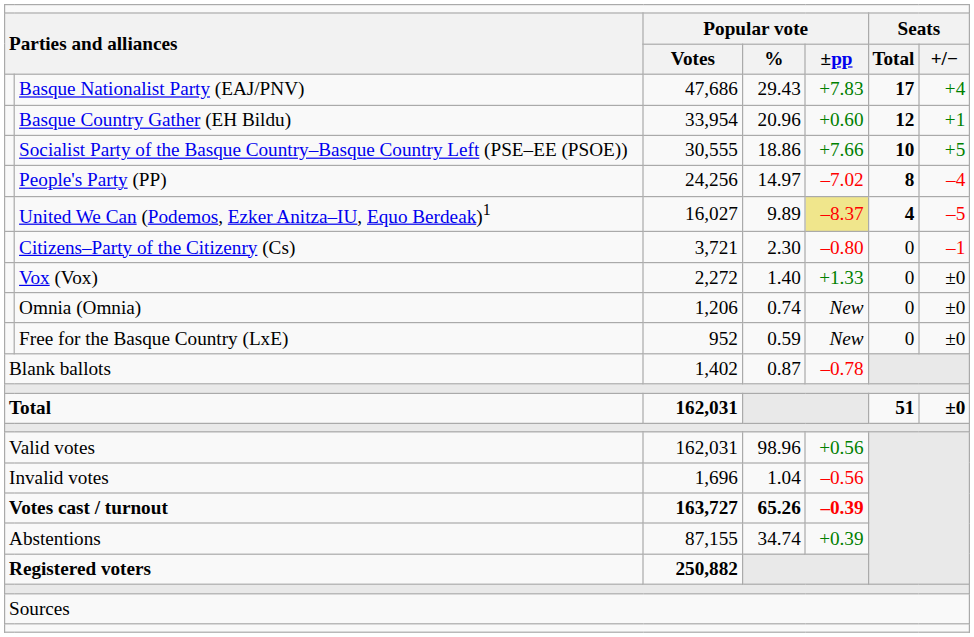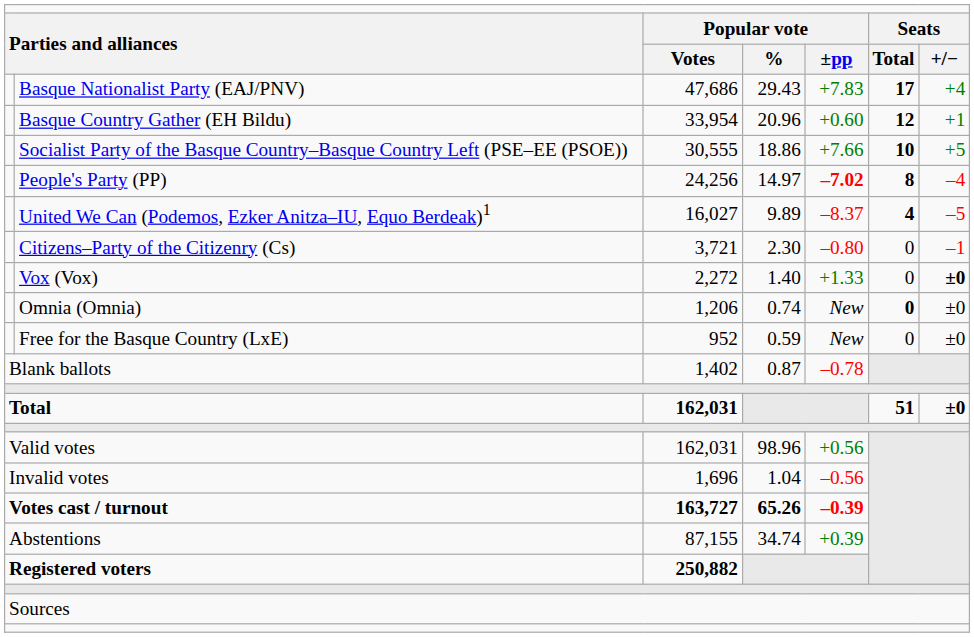 <table class="wikitable" style="text-align:right;">
 <tr>
 <td colspan="7"></td>
 </tr>
 <tr>
 <th style="text-align:left;" rowspan="2" colspan="2" width="525">Parties and alliances</th>
 <th colspan="3">Popular vote</th>
 <th colspan="2">Seats</th>
 </tr>
 <tr>
 <th width="75">Votes</th>
 <th width="45">%</th>
 <th width="45">±<a href='#'>pp</a></th>
 <th width="35">Total</th>
 <th width="35">+/−</th>
 </tr>
 <tr>
 <td width="1" style="color:inherit;background:"></td>
 <td align="left"><a href='#'>Basque Nationalist Party</a> (EAJ/PNV)</td>
 <td>47,686</td>
 <td>29.43</td>
 <td style="color:green;">+7.83</td>
 <td><strong>17</strong></td>
 <td style="color:green;">+4</td>
 </tr>
 <tr>
 <td style="color:inherit;background:"></td>
 <td align="left"><a href='#'>Basque Country Gather</a> (EH Bildu)</td>
 <td>33,954</td>
 <td>20.96</td>
 <td style="color:green;">+0.60</td>
 <td><strong>12</strong></td>
 <td style="color:green;">+1</td>
 </tr>
 <tr>
 <td style="color:inherit;background:"></td>
 <td align="left"><a href='#'>Socialist Party of the Basque Country–Basque Country Left</a> (PSE–EE (PSOE))</td>
 <td>30,555</td>
 <td>18.86</td>
 <td style="color:green;">+7.66</td>
 <td><strong>10</strong></td>
 <td style="color:green;">+5</td>
 </tr>
 <tr>
 <td style="color:inherit;background:"></td>
 <td align="left"><a href='#'>People's Party</a> (PP)</td>
 <td>24,256</td>
 <td>14.97</td>
-<td style="color:red;">–7.02</td>
+<td style="color:red;"><strong>–7.02</strong></td>
 <td><strong>8</strong></td>
 <td style="color:red;">–4</td>
 </tr>
 <tr>
 <td style="color:inherit;background:"></td>
 <td align="left"><a href='#'>United We Can</a> (<a href='#'>Podemos</a>, <a href='#'>Ezker Anitza–IU</a>, <a href='#'>Equo Berdeak</a>)<sup>1</sup></td>
 <td>16,027</td>
 <td>9.89</td>
-<td style="background: khaki; color:red;">–8.37</td>
+<td style="color:red;">–8.37</td>
 <td><strong>4</strong></td>
 <td style="color:red;">–5</td>
 </tr>
 <tr>
 <td style="color:inherit;background:"></td>
 <td align="left"><a href='#'>Citizens–Party of the Citizenry</a> (Cs)</td>
 <td>3,721</td>
 <td>2.30</td>
 <td style="color:red;">–0.80</td>
 <td>0</td>
 <td style="color:red;">–1</td>
 </tr>
 <tr>
 <td style="color:inherit;background:"></td>
 <td align="left"><a href='#'>Vox</a> (Vox)</td>
 <td>2,272</td>
 <td>1.40</td>
 <td style="color:green;">+1.33</td>
 <td>0</td>
-<td>±0</td>
+<td><strong>±0</strong></td>
 </tr>
 <tr>
 <td style="color:inherit;background:"></td>
 <td align="left">Omnia (Omnia)</td>
 <td>1,206</td>
 <td>0.74</td>
 <td><em>New</em></td>
-<td>0</td>
+<td><strong>0</strong></td>
 <td>±0</td>
 </tr>
 <tr>
 <td style="color:inherit;background:"></td>
 <td align="left">Free for the Basque Country (LxE)</td>
 <td>952</td>
 <td>0.59</td>
 <td><em>New</em></td>
 <td>0</td>
 <td>±0</td>
 </tr>
 <tr>
 <td align="left" colspan="2">Blank ballots</td>
 <td>1,402</td>
 <td>0.87</td>
 <td style="color:red;">–0.78</td>
 <td bgcolor="#E9E9E9" colspan="2"></td>
 </tr>
 <tr>
 <td colspan="7" bgcolor="#E9E9E9"></td>
 </tr>
 <tr style="font-weight:bold;">
 <td align="left" colspan="2">Total</td>
 <td>162,031</td>
 <td bgcolor="#E9E9E9" colspan="2"></td>
 <td>51</td>
 <td>±0</td>
 </tr>
 <tr>
 <td colspan="7" bgcolor="#E9E9E9"></td>
 </tr>
 <tr>
 <td align="left" colspan="2">Valid votes</td>
 <td>162,031</td>
 <td>98.96</td>
 <td style="color:green;">+0.56</td>
 <td bgcolor="#E9E9E9" colspan="2" rowspan="5"></td>
 </tr>
 <tr>
 <td align="left" colspan="2">Invalid votes</td>
 <td>1,696</td>
 <td>1.04</td>
 <td style="color:red;">–0.56</td>
 </tr>
 <tr style="font-weight:bold;">
 <td align="left" colspan="2">Votes cast / turnout</td>
 <td>163,727</td>
 <td>65.26</td>
 <td style="color:red;">–0.39</td>
 </tr>
 <tr>
 <td align="left" colspan="2">Abstentions</td>
 <td>87,155</td>
 <td>34.74</td>
 <td style="color:green;">+0.39</td>
 </tr>
 <tr style="font-weight:bold;">
 <td align="left" colspan="2">Registered voters</td>
 <td>250,882</td>
 <td bgcolor="#E9E9E9" colspan="2"></td>
 </tr>
 <tr>
 <td colspan="7" bgcolor="#E9E9E9"></td>
 </tr>
 <tr>
 <td align="left" colspan="7">Sources</td>
 </tr>
 <tr>
 <td colspan="7" style="text-align:left; max-width:790px;"></td>
 </tr>
 </table>
